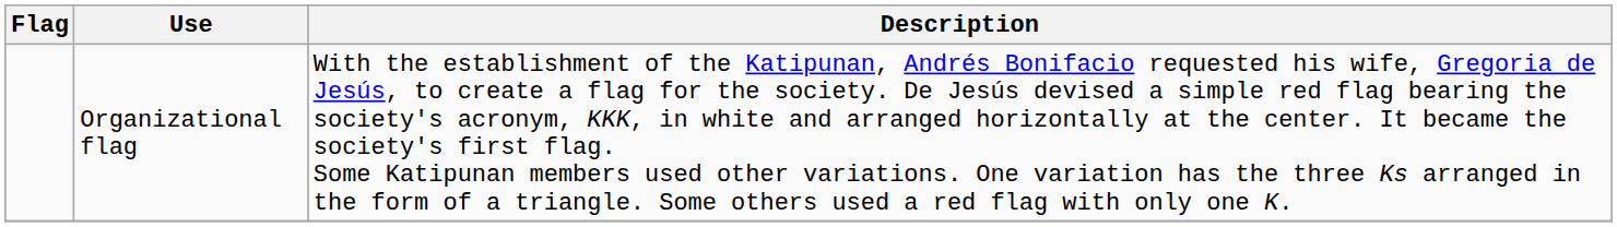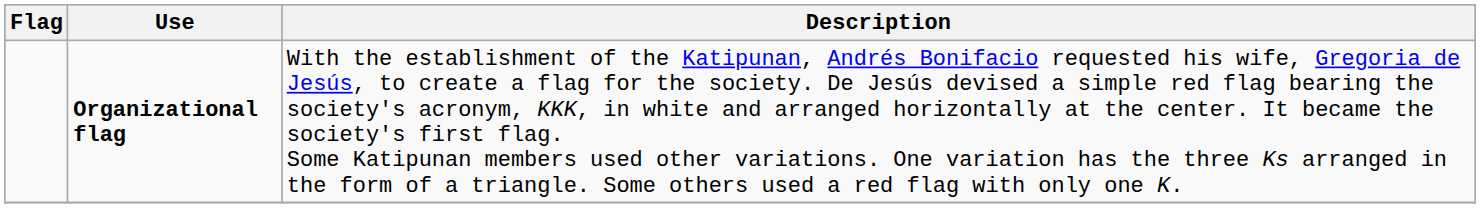 <table class="wikitable">
 <tr>
 <th style="width:110">Flag</th>
 <th>Use</th>
 <th style="width:680">Description</th>
 </tr>
 <tr>
 <td style="text-align:center"><br></td>
-<td>Organizational flag</td>
+<td><strong>Organizational flag</strong></td>
 <td>With the establishment of the <a href='#'>Katipunan</a>, <a href='#'>Andrés Bonifacio</a> requested his wife, <a href='#'>Gregoria de Jesús</a>, to create a flag for the society. De Jesús devised a simple red flag bearing the society's acronym, <em>KKK</em>, in white and arranged horizontally at the center. It became the society's first flag.<br>Some Katipunan members used other variations. One variation has the three <em>Ks</em> arranged in the form of a triangle. Some others used a red flag with only one <em>K</em>.</td>
 </tr>
 <tr>
 </tr>
 </table>
